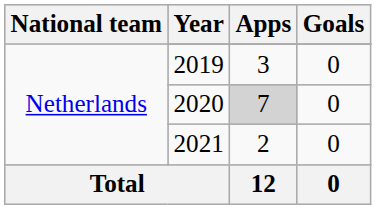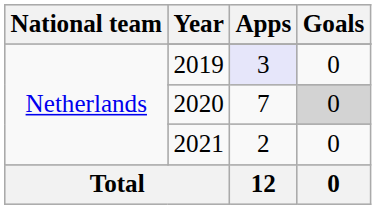 <table class="wikitable" style="text-align:center">
 <tr>
 <th>National team</th>
 <th>Year</th>
 <th>Apps</th>
 <th>Goals</th>
 </tr>
 <tr>
 <td rowspan="4"><a href='#'>Netherlands</a></td>
 </tr>
 <tr>
 <td>2019</td>
-<td>3</td>
+<td style="background: lavender;">3</td>
 <td>0</td>
 </tr>
 <tr>
 <td>2020</td>
-<td style="background: lightgrey;">7</td>
-<td>0</td>
+<td>7</td>
+<td style="background: lightgrey;">0</td>
 </tr>
 <tr>
 <td>2021</td>
 <td>2</td>
 <td>0</td>
 </tr>
 <tr>
 <th colspan="2">Total</th>
 <th>12</th>
 <th>0</th>
 </tr>
 </table>
